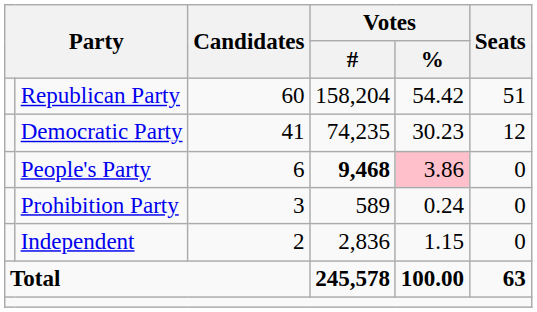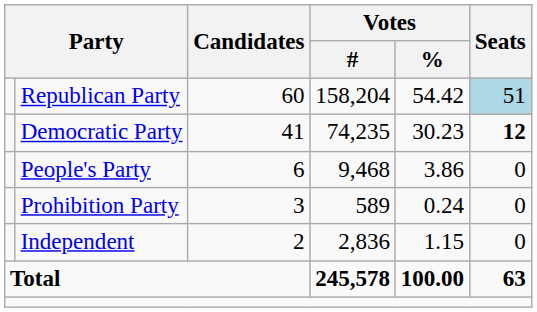 <table class="wikitable">
 <tr>
 <th colspan="2" rowspan="2">Party</th>
 <th rowspan="2">Candidates</th>
 <th colspan="2">Votes</th>
 <th rowspan="2">Seats</th>
 </tr>
 <tr>
 <th>#</th>
 <th>%</th>
 </tr>
 <tr>
 <td style="background-color:"></td>
 <td><a href='#'>Republican Party</a></td>
 <td align="right">60</td>
 <td align="right">158,204</td>
 <td align="right">54.42</td>
-<td align="right">51</td>
+<td align="right" style="background: lightblue;">51</td>
 </tr>
 <tr>
 <td style="background-color:"></td>
 <td><a href='#'>Democratic Party</a></td>
 <td align="right">41</td>
 <td align="right">74,235</td>
 <td align="right">30.23</td>
-<td align="right">12</td>
+<td align="right"><strong>12</strong></td>
 </tr>
 <tr>
 <td style="background-color:"></td>
 <td><a href='#'>People's Party</a></td>
 <td align="right">6</td>
-<td align="right"><strong>9,468</strong></td>
-<td align="right" style="background: pink;">3.86</td>
+<td align="right">9,468</td>
+<td align="right">3.86</td>
 <td align="right">0</td>
 </tr>
 <tr>
 <td style="background-color:"></td>
 <td><a href='#'>Prohibition Party</a></td>
 <td align="right">3</td>
 <td align="right">589</td>
 <td align="right">0.24</td>
 <td align="right">0</td>
 </tr>
 <tr>
 <td style="background-color:"></td>
 <td><a href='#'>Independent</a></td>
 <td align="right">2</td>
 <td align="right">2,836</td>
 <td align="right">1.15</td>
 <td align="right">0</td>
 </tr>
 <tr>
 <td colspan="3" align="left"><strong>Total</strong></td>
 <td align="right"><strong>245,578</strong></td>
 <td align="right"><strong>100.00</strong></td>
 <td align="right"><strong>63</strong></td>
 </tr>
 <tr>
 <td colspan="6"></td>
 </tr>
 </table>
